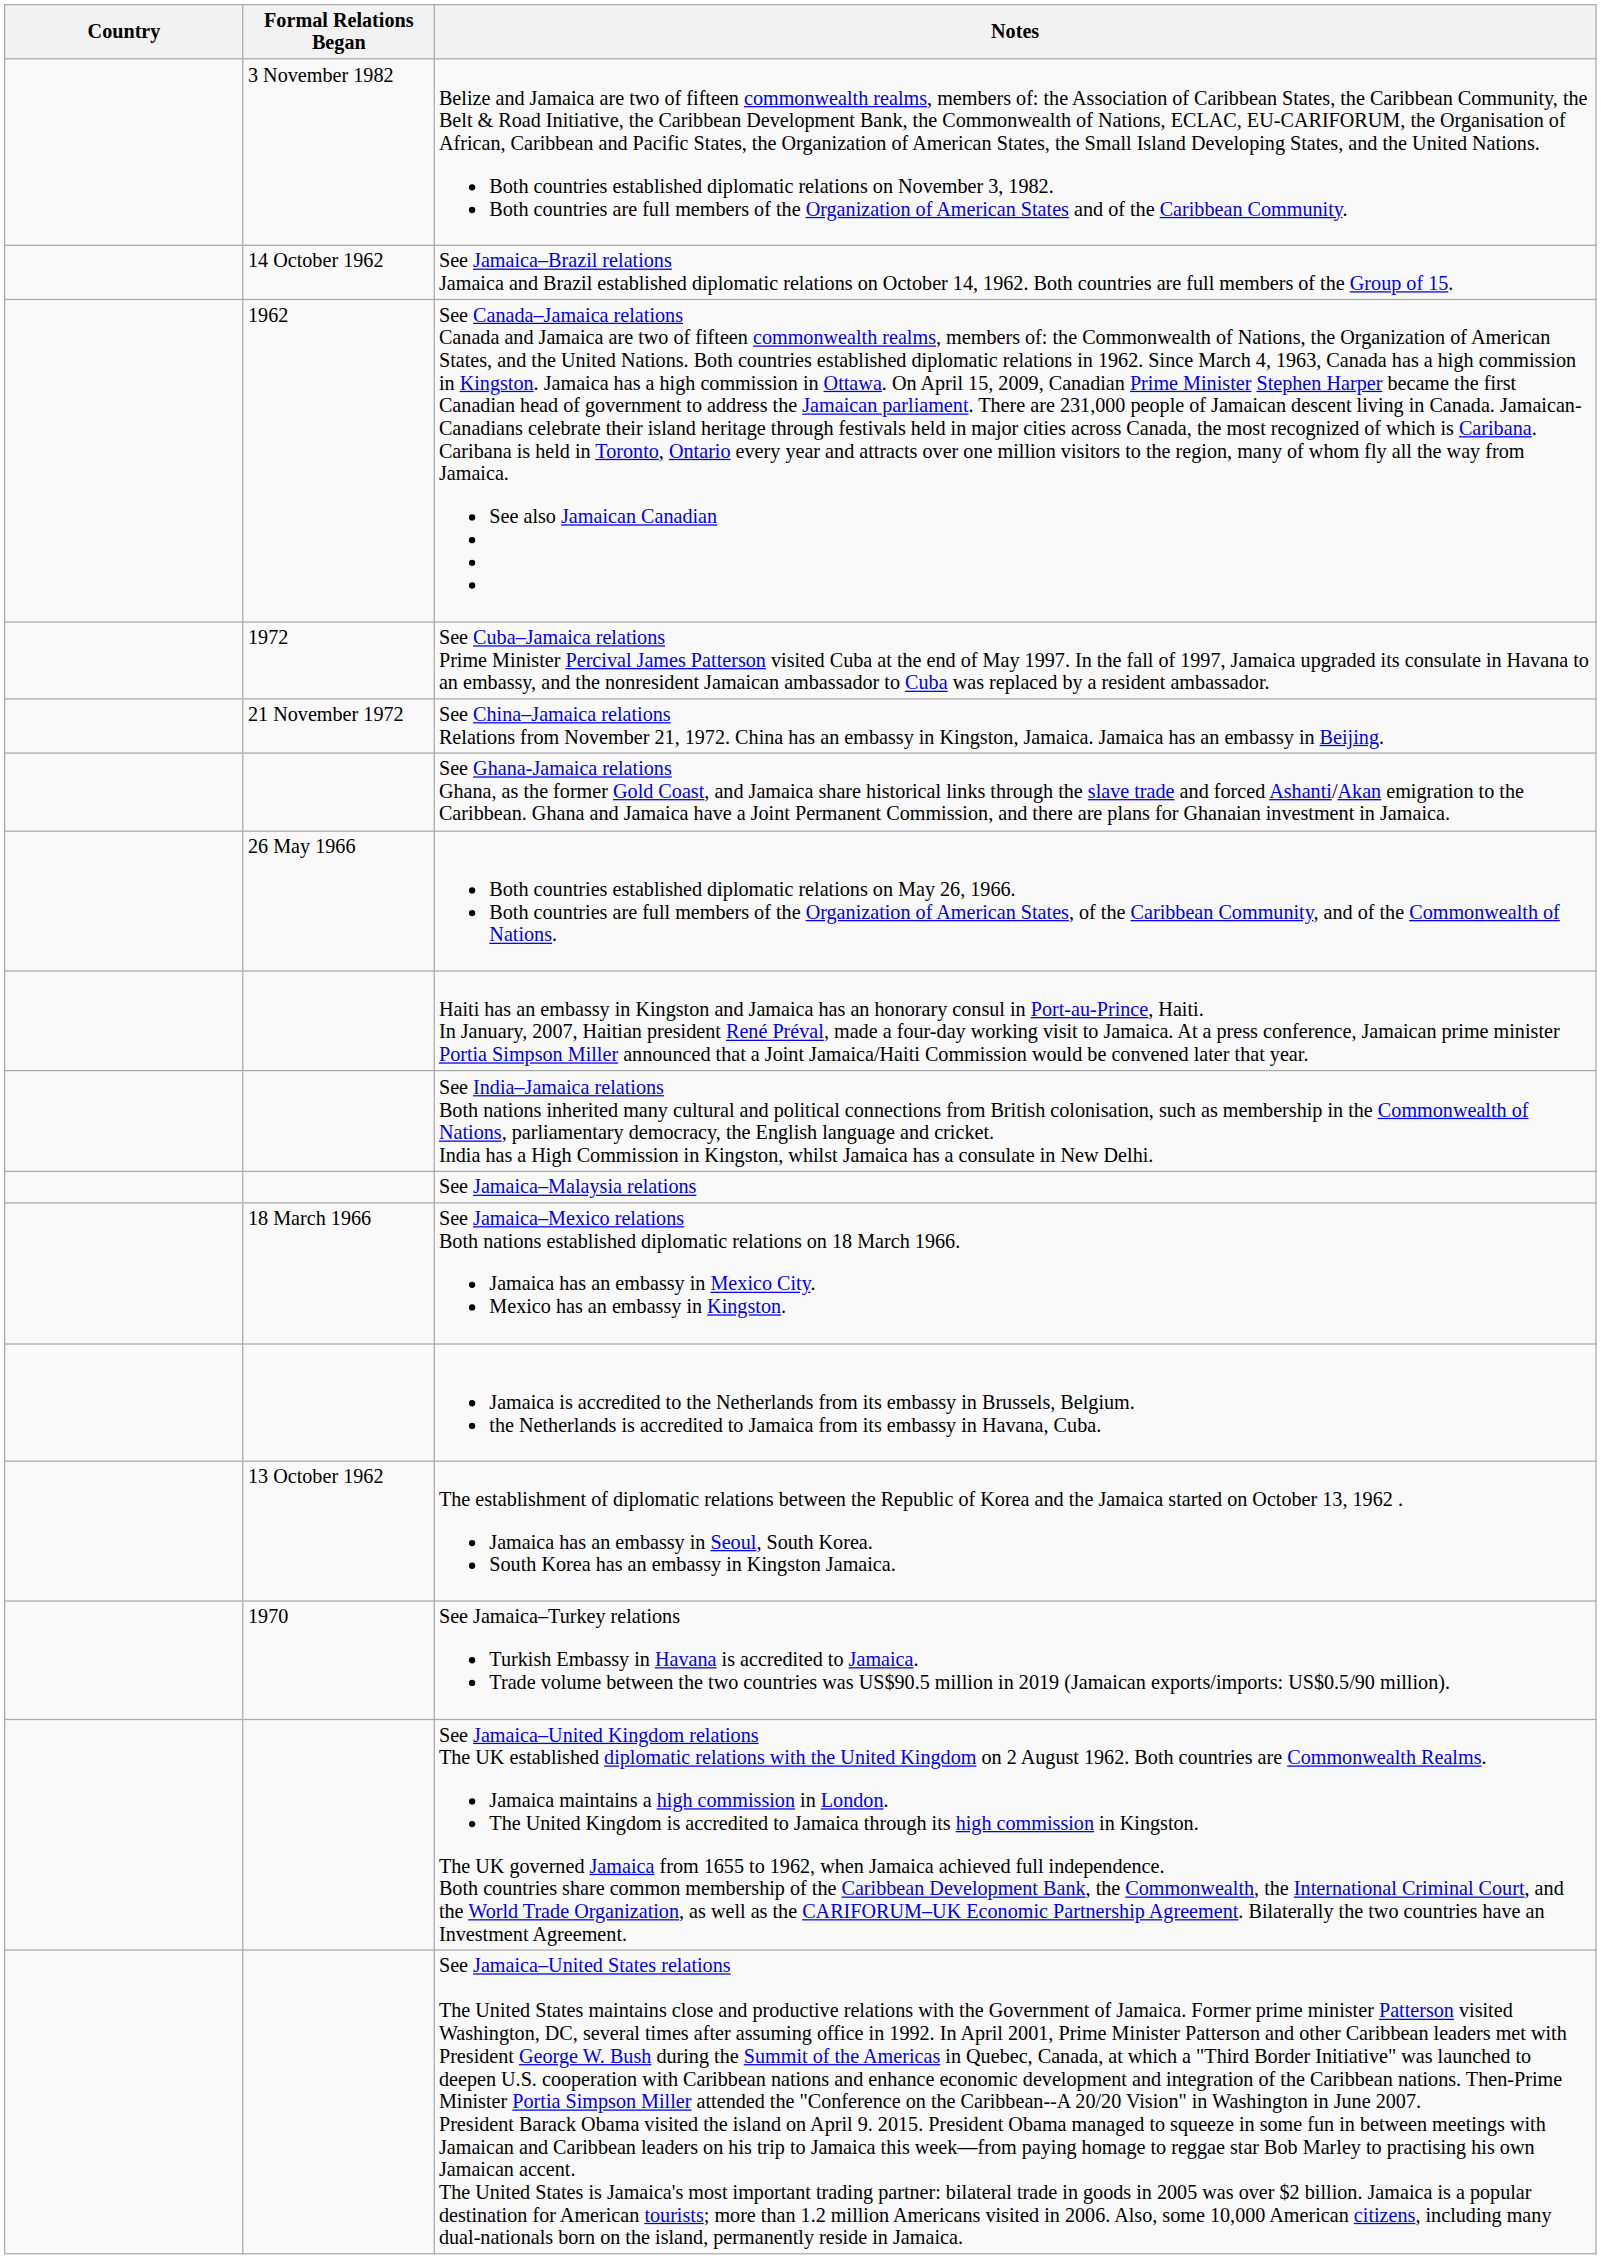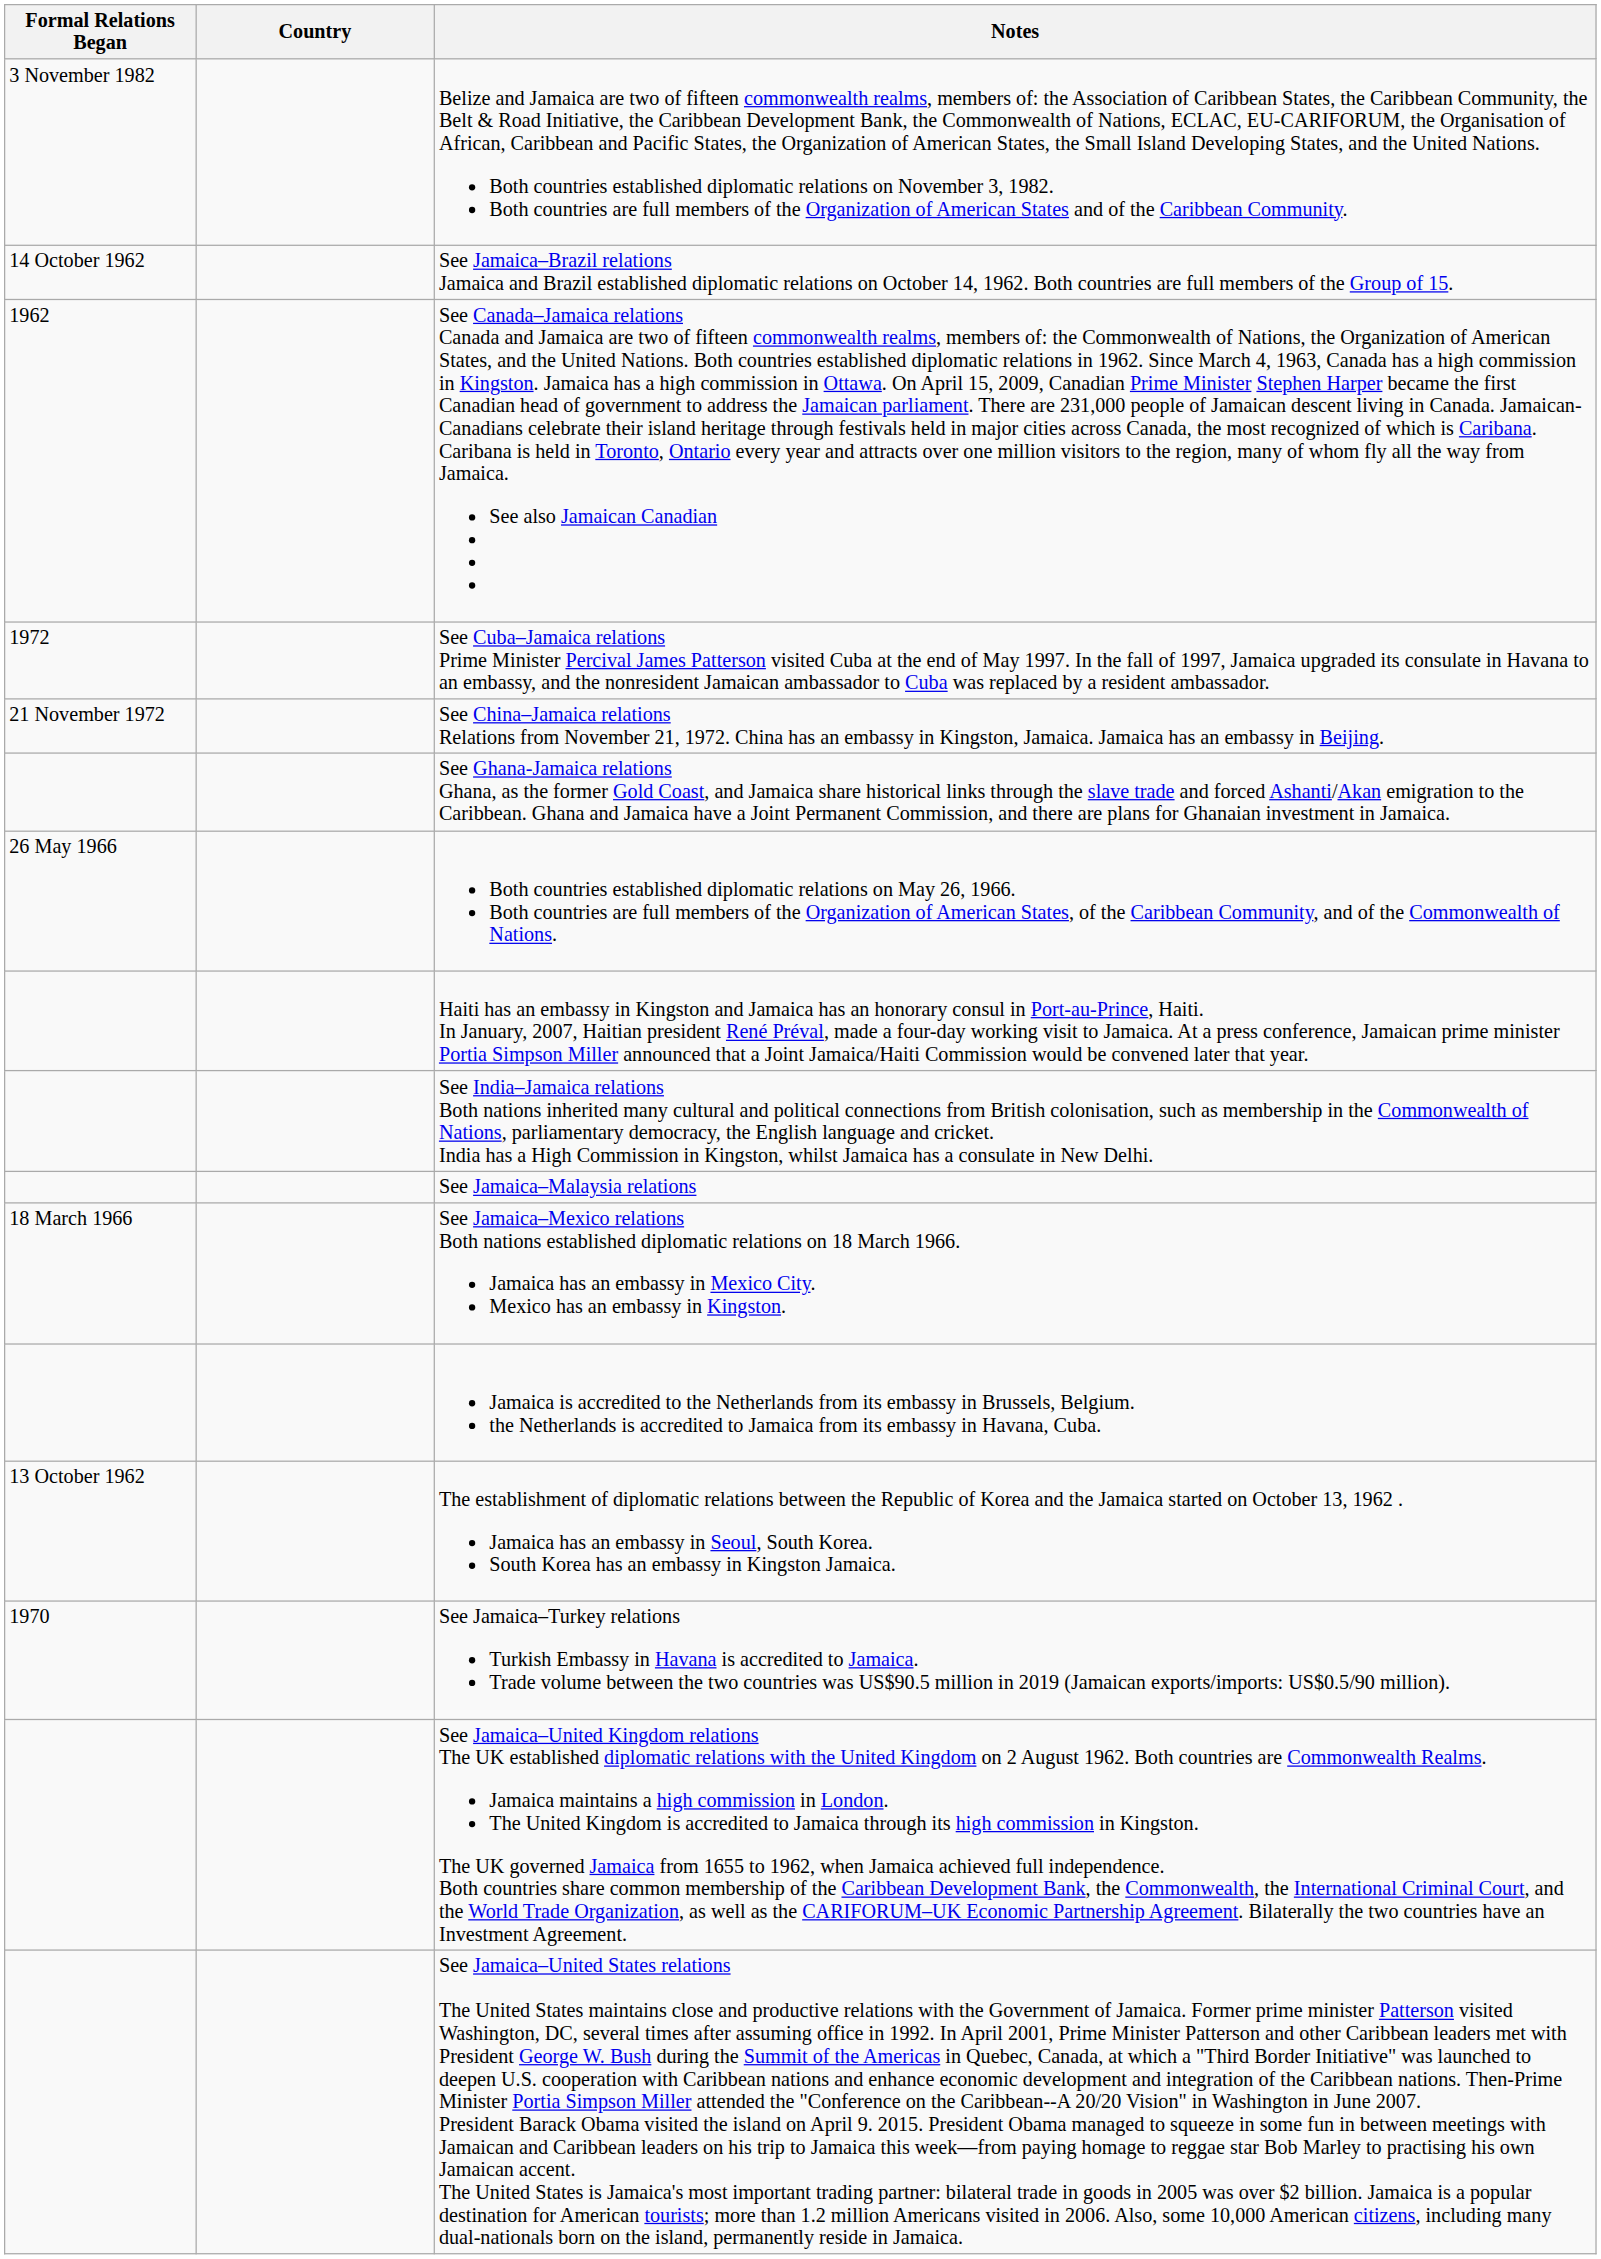 <table class="wikitable sortable" style="width:100%; margin:auto;">
 <tr>
+<th style="width:12%;">Formal Relations Began</th>
 <th style="width:15%;">Country</th>
-<th style="width:12%;">Formal Relations Began</th>
 <th>Notes</th>
 </tr>
 <tr valign="top">
+<td>3 November 1982</td>
 <td></td>
-<td>3 November 1982</td>
 <td><br>Belize and Jamaica are two of fifteen <a href='#'>commonwealth realms</a>, members of: the Association of Caribbean States, the Caribbean Community, the Belt & Road Initiative, the Caribbean Development Bank, the Commonwealth of Nations, ECLAC, EU-CARIFORUM, the Organisation of African, Caribbean and Pacific States, the Organization of American States, the Small Island Developing States, and the United Nations.<ul><li>Both countries established diplomatic relations on November 3, 1982.</li><li>Both countries are full members of the <a href='#'>Organization of American States</a> and of the <a href='#'>Caribbean Community</a>.</li></ul></td>
 </tr>
 <tr valign="top">
+<td>14 October 1962</td>
 <td></td>
-<td>14 October 1962</td>
 <td>See <a href='#'>Jamaica–Brazil relations</a><br>Jamaica and Brazil established diplomatic relations on October 14, 1962.  Both countries are full members of the <a href='#'>Group of 15</a>.</td>
 </tr>
 <tr valign="top">
+<td>1962</td>
 <td></td>
-<td>1962</td>
 <td>See <a href='#'>Canada–Jamaica relations</a><br>Canada and Jamaica are two of fifteen <a href='#'>commonwealth realms</a>, members of: the Commonwealth of Nations, the Organization of American States, and the United Nations. Both countries established diplomatic relations in 1962. Since March 4, 1963, Canada has a high commission in <a href='#'>Kingston</a>.  Jamaica has a high commission in <a href='#'>Ottawa</a>. On April 15, 2009, Canadian <a href='#'>Prime Minister</a> <a href='#'>Stephen Harper</a> became the first Canadian head of government to address the <a href='#'>Jamaican parliament</a>. There are 231,000 people of Jamaican descent living in Canada. Jamaican-Canadians celebrate their island heritage through festivals held in major cities across Canada, the most recognized of which is <a href='#'>Caribana</a>. Caribana is held in <a href='#'>Toronto</a>, <a href='#'>Ontario</a> every year and attracts over one million visitors to the region, many of whom fly all the way from Jamaica.<ul><li>See also <a href='#'>Jamaican Canadian</a></li><li></li><li></li><li></li></ul></td>
 </tr>
 <tr valign="top">
+<td>1972</td>
 <td></td>
-<td>1972</td>
 <td>See <a href='#'>Cuba–Jamaica relations</a><br>Prime Minister <a href='#'>Percival James Patterson</a> visited Cuba at the end of May 1997. In the fall of 1997, Jamaica upgraded its consulate in Havana to an embassy, and the nonresident Jamaican ambassador to <a href='#'>Cuba</a> was replaced by a resident ambassador.</td>
 </tr>
 <tr valign="top">
+<td>21 November 1972</td>
 <td></td>
-<td>21 November 1972</td>
 <td>See <a href='#'>China–Jamaica relations</a><br>Relations from November 21, 1972. China has an embassy in Kingston, Jamaica. Jamaica has an embassy in <a href='#'>Beijing</a>.</td>
 </tr>
 <tr valign="top">
 <td></td>
 <td></td>
 <td>See <a href='#'>Ghana-Jamaica relations</a><br>Ghana, as the former <a href='#'>Gold Coast</a>, and Jamaica share historical links through the <a href='#'>slave trade</a> and forced <a href='#'>Ashanti</a>/<a href='#'>Akan</a> emigration to the Caribbean. Ghana and Jamaica have a Joint Permanent Commission, and there are plans for Ghanaian investment in Jamaica.</td>
 </tr>
 <tr valign="top">
+<td>26 May 1966</td>
 <td></td>
-<td>26 May 1966</td>
 <td><br><ul><li>Both countries established diplomatic relations on May 26, 1966.</li><li>Both countries are full members of the <a href='#'>Organization of American States</a>, of the <a href='#'>Caribbean Community</a>, and of the <a href='#'>Commonwealth of Nations</a>.</li></ul></td>
 </tr>
 <tr valign="top">
 <td></td>
 <td></td>
 <td><br>Haiti has an embassy in Kingston and Jamaica has an honorary consul in <a href='#'>Port-au-Prince</a>, Haiti.<br>In January, 2007, Haitian president <a href='#'>René Préval</a>, made a four-day working visit to Jamaica. At a press conference, Jamaican prime minister <a href='#'>Portia Simpson Miller</a> announced that a Joint Jamaica/Haiti Commission would be convened later that year.</td>
 </tr>
 <tr valign="top">
 <td></td>
 <td></td>
 <td>See <a href='#'>India–Jamaica relations</a><br>Both nations inherited many cultural and political connections from British colonisation, such as membership in the <a href='#'>Commonwealth of Nations</a>, parliamentary democracy, the English language and cricket.<br>India has a High Commission in Kingston, whilst Jamaica has a consulate in New Delhi.</td>
 </tr>
 <tr valign="top">
 <td></td>
 <td></td>
 <td>See <a href='#'>Jamaica–Malaysia relations</a></td>
 </tr>
 <tr valign="top">
+<td>18 March 1966</td>
 <td></td>
-<td>18 March 1966</td>
 <td>See <a href='#'>Jamaica–Mexico relations</a><br>Both nations established diplomatic relations on 18 March 1966.<ul><li>Jamaica has an embassy in <a href='#'>Mexico City</a>.</li><li>Mexico has an embassy in <a href='#'>Kingston</a>.</li></ul></td>
 </tr>
 <tr valign="top">
 <td></td>
 <td></td>
 <td><br><ul><li>Jamaica is accredited to the Netherlands from its embassy in Brussels, Belgium.</li><li>the Netherlands is accredited to Jamaica from its embassy in Havana, Cuba.</li></ul></td>
 </tr>
 <tr valign="top">
+<td>13 October 1962</td>
 <td></td>
-<td>13 October 1962</td>
 <td><br>The establishment of diplomatic relations between the Republic of Korea and the Jamaica started on October 13, 1962 .<ul><li>Jamaica has an embassy in <a href='#'>Seoul</a>, South Korea.</li><li>South Korea has an embassy in Kingston Jamaica.</li></ul></td>
 </tr>
 <tr valign="top">
+<td>1970</td>
 <td></td>
-<td>1970</td>
 <td>See Jamaica–Turkey relations<br><ul><li>Turkish Embassy in <a href='#'>Havana</a> is accredited to <a href='#'>Jamaica</a>.</li><li>Trade volume between the two countries was US$90.5 million in 2019 (Jamaican exports/imports: US$0.5/90 million).</li></ul></td>
 </tr>
 <tr valign="top">
 <td></td>
 <td></td>
 <td>See <a href='#'>Jamaica–United Kingdom relations</a><br>The UK established <a href='#'>diplomatic relations with the United Kingdom</a> on 2 August 1962. Both countries are <a href='#'>Commonwealth Realms</a>.<ul><li>Jamaica maintains a <a href='#'>high commission</a> in <a href='#'>London</a>.</li><li>The United Kingdom is accredited to Jamaica through its <a href='#'>high commission</a> in Kingston.</li></ul>The UK governed <a href='#'>Jamaica</a> from 1655 to 1962, when Jamaica achieved full independence.<br>Both countries share common membership of the <a href='#'>Caribbean Development Bank</a>, the <a href='#'>Commonwealth</a>, the <a href='#'>International Criminal Court</a>, and the <a href='#'>World Trade Organization</a>, as well as the <a href='#'>CARIFORUM–UK Economic Partnership Agreement</a>. Bilaterally the two countries have an Investment Agreement.</td>
 </tr>
 <tr valign="top">
 <td></td>
 <td></td>
 <td>See <a href='#'>Jamaica–United States relations</a><br><br>The United States maintains close and productive relations with the Government of Jamaica. Former prime minister <a href='#'>Patterson</a> visited Washington, DC, several times after assuming office in 1992. In April 2001, Prime Minister Patterson and other Caribbean leaders met with President <a href='#'>George W. Bush</a> during the <a href='#'>Summit of the Americas</a> in Quebec, Canada, at which a "Third Border Initiative" was launched to deepen U.S. cooperation with Caribbean nations and enhance economic development and integration of the Caribbean nations. Then-Prime Minister <a href='#'>Portia Simpson Miller</a> attended the "Conference on the Caribbean--A 20/20 Vision" in Washington in June 2007.<br>President Barack Obama visited the island on April 9. 2015. President Obama managed to squeeze in some fun in between meetings with Jamaican and Caribbean leaders on his trip to Jamaica this week—from paying homage to reggae star Bob Marley to practising his own Jamaican accent.<br>The United States is Jamaica's most important trading partner: bilateral trade in goods in 2005 was over $2 billion.  Jamaica is a popular destination for American <a href='#'>tourists</a>; more than 1.2 million Americans visited in 2006. Also, some 10,000 American <a href='#'>citizens</a>, including many dual-nationals born on the island, permanently reside in Jamaica.</td>
 </tr>
 </table>
